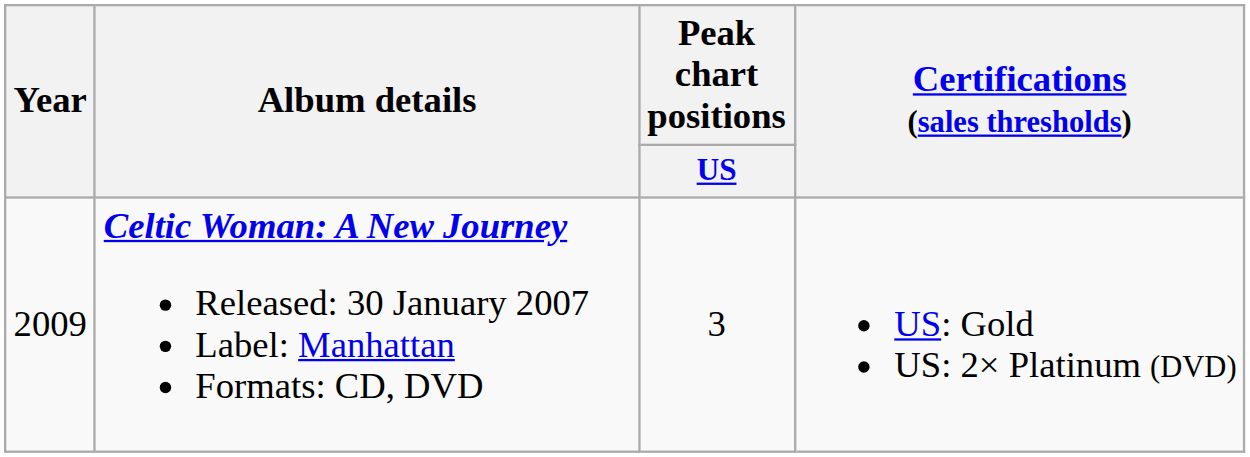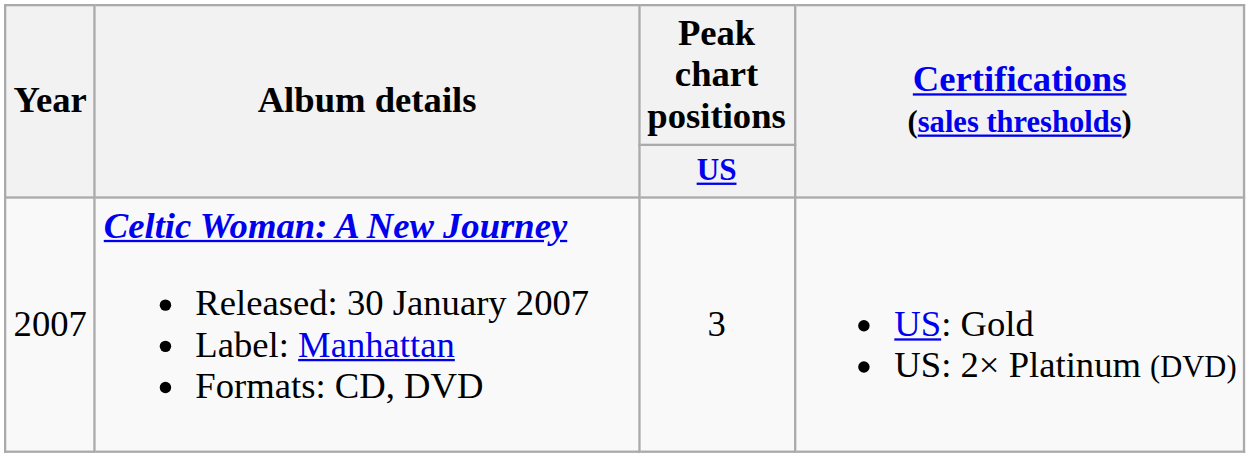 <table class="wikitable" style="text-align:center;">
 <tr>
 <th rowspan="2">Year</th>
 <th rowspan="2" style="width:230px;">Album details</th>
 <th>Peak chart positions</th>
 <th rowspan="2"><a href='#'>Certifications</a><br><small>(<a href='#'>sales thresholds</a>)</small></th>
 </tr>
 <tr>
 <th style="width:3em;font-size:85%"><a href='#'>US</a></th>
 </tr>
 <tr>
-<td>2009</td>
+<td>2007</td>
 <td align=left><strong><em><a href='#'>Celtic Woman: A New Journey</a></em></strong><br><ul><li>Released: 30 January 2007</li><li>Label: <a href='#'>Manhattan</a></li><li>Formats: CD, DVD</li></ul></td>
 <td>3</td>
 <td align=left><br><ul><li><a href='#'>US</a>: Gold</li><li>US: 2× Platinum <small>(DVD)</small></li></ul></td>
 </tr>
 </table>
